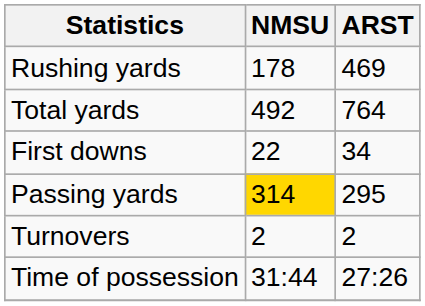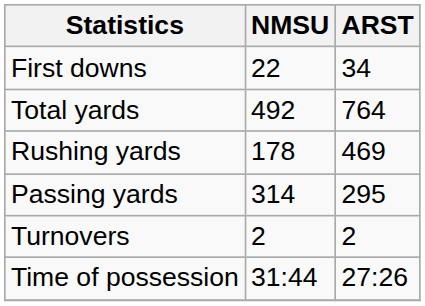 <table class="wikitable">
 <tr>
 <th>Statistics</th>
 <th>NMSU</th>
 <th>ARST</th>
 </tr>
 <tr>
-<td>Rushing yards</td>
-<td>178</td>
-<td>469</td>
+<td>First downs</td>
+<td>22</td>
+<td>34</td>
 </tr>
 <tr>
 <td>Total yards</td>
 <td>492</td>
 <td>764</td>
 </tr>
 <tr>
-<td>First downs</td>
-<td>22</td>
-<td>34</td>
+<td>Rushing yards</td>
+<td>178</td>
+<td>469</td>
 </tr>
 <tr>
 <td>Passing yards</td>
-<td style="background: gold;">314</td>
+<td>314</td>
 <td>295</td>
 </tr>
 <tr>
 <td>Turnovers</td>
 <td>2</td>
 <td>2</td>
 </tr>
 <tr>
 <td>Time of possession</td>
 <td>31:44</td>
 <td>27:26</td>
 </tr>
 <tr>
 </tr>
 </table>
